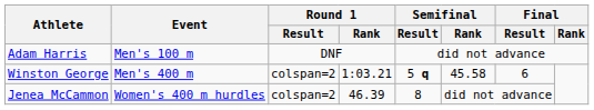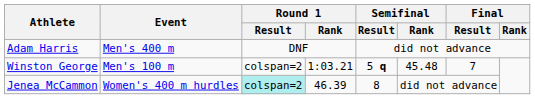 <table class=wikitable style="font-size:90%">
 <tr>
 <th rowspan="2">Athlete</th>
 <th rowspan="2">Event</th>
 <th colspan="2">Round 1</th>
 <th colspan="2">Semifinal</th>
 <th colspan="2">Final</th>
 </tr>
 <tr style="font-size:95%">
 <th>Result</th>
 <th>Rank</th>
 <th>Result</th>
 <th>Rank</th>
 <th>Result</th>
 <th>Rank</th>
 </tr>
 <tr align=center>
 <td align=left><a href='#'>Adam Harris</a></td>
-<td align=left><a href='#'>Men's 100 m</a></td>
+<td align=left><a href='#'>Men's 400 m</a></td>
 <td colspan="2">DNF</td>
 <td colspan="4">did not advance</td>
 </tr>
 <tr align=center>
 <td align=left><a href='#'>Winston George</a></td>
-<td align=left><a href='#'>Men's 400 m</a></td>
+<td align=left><a href='#'>Men's 100 m</a></td>
 <td>colspan=2 </td>
 <td>1:03.21</td>
 <td>5 <strong>q</strong></td>
-<td>45.58</td>
-<td>6</td>
+<td>45.48</td>
+<td>7</td>
 </tr>
 <tr align=center>
 <td align=left><a href='#'>Jenea McCammon</a></td>
 <td align=left><a href='#'>Women's 400 m hurdles</a></td>
-<td>colspan=2 </td>
+<td style="background: paleturquoise;">colspan=2 </td>
 <td>46.39</td>
 <td>8</td>
 <td colspan=2>did not advance</td>
 </tr>
 </table>
